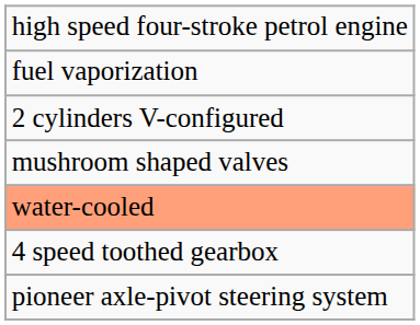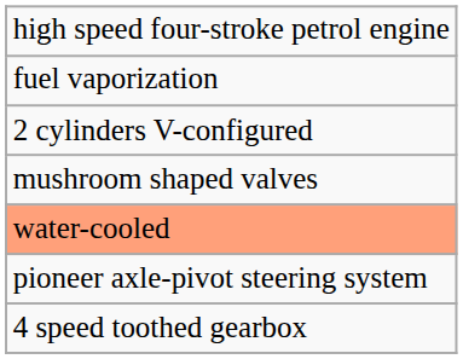 <table class="wikitable" style="font-size: 80%; float:right;">
 <tr>
 <td>high speed four-stroke petrol engine</td>
 </tr>
 <tr>
 <td>fuel vaporization</td>
 </tr>
 <tr>
 <td>2 cylinders V-configured</td>
 </tr>
 <tr>
 <td>mushroom shaped valves</td>
 </tr>
 <tr>
 <td style="background: lightsalmon;">water-cooled</td>
 </tr>
 <tr>
+<td>pioneer axle-pivot steering system</td>
+</tr>
+<tr>
 <td>4 speed toothed gearbox</td>
 </tr>
-<tr>
-<td>pioneer axle-pivot steering system</td>
-</tr>
 </table>
